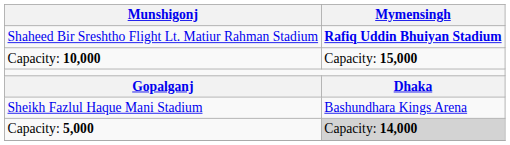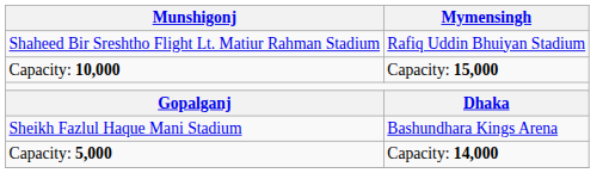 <table class="wikitable">
 <tr>
 <th><a href='#'>Munshigonj</a></th>
 <th><a href='#'>Mymensingh</a></th>
 </tr>
 <tr>
 <td><a href='#'>Shaheed Bir Sreshtho Flight Lt. Matiur Rahman Stadium</a></td>
-<td><strong><a href='#'>Rafiq Uddin Bhuiyan Stadium</a></strong></td>
+<td><a href='#'>Rafiq Uddin Bhuiyan Stadium</a></td>
 </tr>
 <tr>
 <td>Capacity: <strong>10,000</strong></td>
 <td>Capacity: <strong>15,000</strong></td>
 </tr>
 <tr>
 <td colspan=3></td>
 </tr>
 <tr>
 <th><a href='#'>Gopalganj</a></th>
 <th><a href='#'>Dhaka</a></th>
 </tr>
 <tr>
 <td><a href='#'>Sheikh Fazlul Haque Mani Stadium</a></td>
 <td><a href='#'>Bashundhara Kings Arena</a></td>
 </tr>
 <tr>
 <td>Capacity: <strong>5,000</strong></td>
-<td style="background: lightgrey;">Capacity: <strong>14,000</strong></td>
+<td>Capacity: <strong>14,000</strong></td>
 </tr>
 <tr>
 </tr>
 </table>
